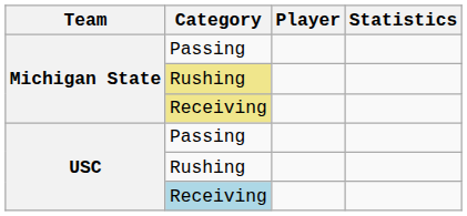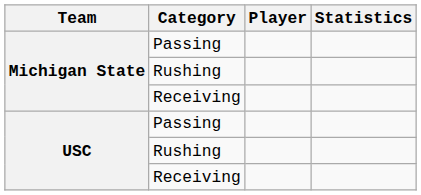 <table class="wikitable" style="float:right">
 <tr>
 <th>Team</th>
 <th>Category</th>
 <th>Player</th>
 <th>Statistics</th>
 </tr>
 <tr>
 <th rowspan=3>Michigan State</th>
 <td>Passing</td>
 <td></td>
 <td></td>
 </tr>
 <tr>
-<td style="background: khaki;">Rushing</td>
+<td>Rushing</td>
 <td></td>
 <td></td>
 </tr>
 <tr>
-<td style="background: khaki;">Receiving</td>
+<td>Receiving</td>
 <td></td>
 <td></td>
 </tr>
 <tr>
 <th rowspan=3>USC</th>
 <td>Passing</td>
 <td></td>
 <td></td>
 </tr>
 <tr>
 <td>Rushing</td>
 <td></td>
 <td></td>
 </tr>
 <tr>
-<td style="background: lightblue;">Receiving</td>
+<td>Receiving</td>
 <td></td>
 <td></td>
 </tr>
 </table>
